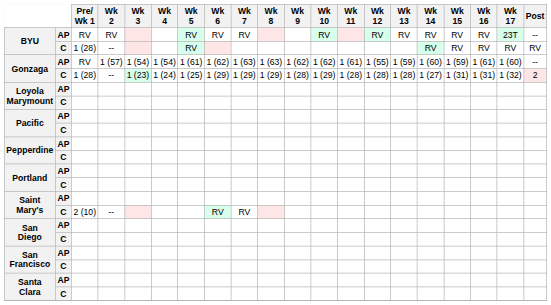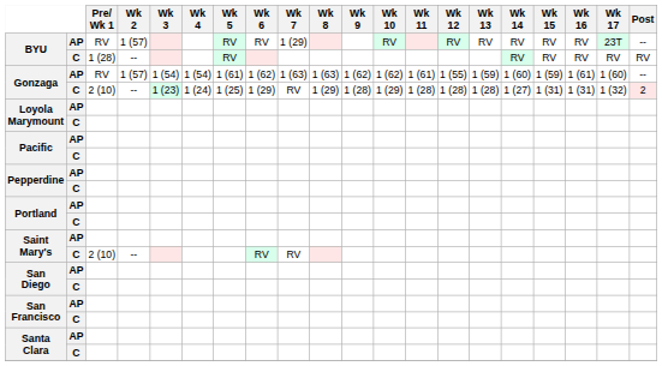 <table class="wikitable" style="white-space:nowrap;font-size:90%;text-align:center;">
 <tr>
 <th colspan="2" style="background:white; border-top-style:hidden; border-left-style:hidden;"> </th>
 <th>Pre/<br>Wk 1</th>
 <th>Wk<br>2</th>
 <th>Wk<br>3</th>
 <th>Wk<br>4</th>
 <th>Wk<br>5</th>
 <th>Wk<br>6</th>
 <th>Wk<br>7</th>
 <th>Wk<br>8</th>
 <th>Wk<br>9</th>
 <th>Wk<br>10</th>
 <th>Wk<br>11</th>
 <th>Wk<br>12</th>
 <th>Wk<br>13</th>
 <th>Wk<br>14</th>
 <th>Wk<br>15</th>
 <th>Wk<br>16</th>
 <th>Wk<br>17</th>
 <th>Post</th>
 </tr>
 <tr style="text-align:center;">
 <th rowspan="2">BYU</th>
 <th>AP</th>
 <td style="background:#FFF;">RV</td>
-<td style="background:#FFF;">RV</td>
+<td style="background:#FFF;">1 (57)</td>
 <td style="background:#ffe6e6;"></td>
 <td style="background:#FFF;"></td>
 <td style="background:#d8ffeb;">RV</td>
 <td style="background:#FFF;">RV</td>
-<td style="background:#FFF;">RV</td>
+<td style="background:#FFF;">1 (29)</td>
 <td style="background:#ffe6e6;"></td>
 <td style="background:#FFF;"></td>
 <td style="background:#d8ffeb;">RV</td>
 <td style="background:#ffe6e6;"></td>
 <td style="background:#d8ffeb;">RV</td>
 <td style="background:#FFF;">RV</td>
 <td style="background:#FFF;">RV</td>
 <td style="background:#FFF;">RV</td>
 <td style="background:#FFF;">RV</td>
 <td style="background:#d8ffeb;">23T</td>
 <td style="background:#FFF;">--</td>
 </tr>
 <tr style="text-align:center;">
 <th>C</th>
 <td style="background:#FFF;">1 (28)</td>
 <td style="background:#FFF;">--</td>
 <td style="background:#ffe6e6;"></td>
 <td style="background:#FFF;"></td>
 <td style="background:#d8ffeb;">RV</td>
 <td style="background:#ffe6e6;"></td>
 <td style="background:#FFF;"></td>
 <td style="background:#FFF;"></td>
 <td style="background:#FFF;"></td>
 <td style="background:#FFF;"></td>
 <td style="background:#FFF;"></td>
 <td style="background:#FFF;"></td>
 <td style="background:#FFF;"></td>
 <td style="background:#d8ffeb;">RV</td>
 <td style="background:#FFF;">RV</td>
 <td style="background:#FFF;">RV</td>
 <td style="background:#FFF;">RV</td>
 <td style="background:#FFF;">RV</td>
 </tr>
 <tr style="text-align:center;">
 <th rowspan="2">Gonzaga</th>
 <th>AP</th>
 <td style="background:#FFF;">RV</td>
 <td style="background:#FFF;">1 (57)</td>
 <td style="background:#FFF;">1 (54)</td>
 <td style="background:#FFF;">1 (54)</td>
 <td style="background:#FFF;">1 (61)</td>
 <td style="background:#FFF;">1 (62)</td>
 <td style="background:#FFF;">1 (63)</td>
 <td style="background:#FFF;">1 (63)</td>
 <td style="background:#FFF;">1 (62)</td>
 <td style="background:#FFF;">1 (62)</td>
 <td style="background:#FFF;">1 (61)</td>
 <td style="background:#FFF;">1 (55)</td>
 <td style="background:#FFF;">1 (59)</td>
 <td style="background:#FFF;">1 (60)</td>
 <td style="background:#FFF;">1 (59)</td>
 <td style="background:#FFF;">1 (61)</td>
 <td style="background:#FFF;">1 (60)</td>
 <td style="background:#FFF;">--</td>
 </tr>
 <tr style="text-align:center;">
 <th>C</th>
-<td style="background:#FFF;">1 (28)</td>
+<td style="background:#FFF;">2 (10)</td>
 <td style="background:#FFF;">--</td>
 <td style="background:#d8ffeb;">1 (23)</td>
 <td style="background:#FFF;">1 (24)</td>
 <td style="background:#FFF;">1 (25)</td>
 <td style="background:#FFF;">1 (29)</td>
-<td style="background:#FFF;">1 (29)</td>
+<td style="background:#FFF;">RV</td>
 <td style="background:#FFF;">1 (29)</td>
 <td style="background:#FFF;">1 (28)</td>
 <td style="background:#FFF;">1 (29)</td>
 <td style="background:#FFF;">1 (28)</td>
 <td style="background:#FFF;">1 (28)</td>
 <td style="background:#FFF;">1 (28)</td>
 <td style="background:#FFF;">1 (27)</td>
 <td style="background:#FFF;">1 (31)</td>
 <td style="background:#FFF;">1 (31)</td>
 <td style="background:#FFF;">1 (32)</td>
 <td style="background:#ffe6e6;">2</td>
 </tr>
 <tr style="text-align:center;">
 <th rowspan="2">Loyola<br>Marymount</th>
 <th>AP</th>
 <td style="background:#FFF;"></td>
 <td style="background:#FFF;"></td>
 <td style="background:#FFF;"></td>
 <td style="background:#FFF;"></td>
 <td style="background:#FFF;"></td>
 <td style="background:#FFF;"></td>
 <td style="background:#FFF;"></td>
 <td style="background:#FFF;"></td>
 <td style="background:#FFF;"></td>
 <td style="background:#FFF;"></td>
 <td style="background:#FFF;"></td>
 <td style="background:#FFF;"></td>
 <td style="background:#FFF;"></td>
 <td style="background:#FFF;"></td>
 <td style="background:#FFF;"></td>
 <td style="background:#FFF;"></td>
 <td style="background:#FFF;"></td>
 <td style="background:#FFF;"></td>
 </tr>
 <tr style="text-align:center;">
 <th>C</th>
 <td style="background:#FFF;"></td>
 <td style="background:#FFF;"></td>
 <td style="background:#FFF;"></td>
 <td style="background:#FFF;"></td>
 <td style="background:#FFF;"></td>
 <td style="background:#FFF;"></td>
 <td style="background:#FFF;"></td>
 <td style="background:#FFF;"></td>
 <td style="background:#FFF;"></td>
 <td style="background:#FFF;"></td>
 <td style="background:#FFF;"></td>
 <td style="background:#FFF;"></td>
 <td style="background:#FFF;"></td>
 <td style="background:#FFF;"></td>
 <td style="background:#FFF;"></td>
 <td style="background:#FFF;"></td>
 <td style="background:#FFF;"></td>
 <td style="background:#FFF;"></td>
 </tr>
 <tr style="text-align:center;">
 <th rowspan="2">Pacific</th>
 <th>AP</th>
 <td style="background:#FFF;"></td>
 <td style="background:#FFF;"></td>
 <td style="background:#FFF;"></td>
 <td style="background:#FFF;"></td>
 <td style="background:#FFF;"></td>
 <td style="background:#FFF;"></td>
 <td style="background:#FFF;"></td>
 <td style="background:#FFF;"></td>
 <td style="background:#FFF;"></td>
 <td style="background:#FFF;"></td>
 <td style="background:#FFF;"></td>
 <td style="background:#FFF;"></td>
 <td style="background:#FFF;"></td>
 <td style="background:#FFF;"></td>
 <td style="background:#FFF;"></td>
 <td style="background:#FFF;"></td>
 <td style="background:#FFF;"></td>
 <td style="background:#FFF;"></td>
 </tr>
 <tr style="text-align:center;">
 <th>C</th>
 <td style="background:#FFF;"></td>
 <td style="background:#FFF;"></td>
 <td style="background:#FFF;"></td>
 <td style="background:#FFF;"></td>
 <td style="background:#FFF;"></td>
 <td style="background:#FFF;"></td>
 <td style="background:#FFF;"></td>
 <td style="background:#FFF;"></td>
 <td style="background:#FFF;"></td>
 <td style="background:#FFF;"></td>
 <td style="background:#FFF;"></td>
 <td style="background:#FFF;"></td>
 <td style="background:#FFF;"></td>
 <td style="background:#FFF;"></td>
 <td style="background:#FFF;"></td>
 <td style="background:#FFF;"></td>
 <td style="background:#FFF;"></td>
 <td style="background:#FFF;"></td>
 </tr>
 <tr style="text-align:center;">
 <th rowspan="2">Pepperdine</th>
 <th>AP</th>
 <td style="background:#FFF;"></td>
 <td style="background:#FFF;"></td>
 <td style="background:#FFF;"></td>
 <td style="background:#FFF;"></td>
 <td style="background:#FFF;"></td>
 <td style="background:#FFF;"></td>
 <td style="background:#FFF;"></td>
 <td style="background:#FFF;"></td>
 <td style="background:#FFF;"></td>
 <td style="background:#FFF;"></td>
 <td style="background:#FFF;"></td>
 <td style="background:#FFF;"></td>
 <td style="background:#FFF;"></td>
 <td style="background:#FFF;"></td>
 <td style="background:#FFF;"></td>
 <td style="background:#FFF;"></td>
 <td style="background:#FFF;"></td>
 <td style="background:#FFF;"></td>
 </tr>
 <tr style="text-align:center;">
 <th>C</th>
 <td style="background:#FFF;"></td>
 <td style="background:#FFF;"></td>
 <td style="background:#FFF;"></td>
 <td style="background:#FFF;"></td>
 <td style="background:#FFF;"></td>
 <td style="background:#FFF;"></td>
 <td style="background:#FFF;"></td>
 <td style="background:#FFF;"></td>
 <td style="background:#FFF;"></td>
 <td style="background:#FFF;"></td>
 <td style="background:#FFF;"></td>
 <td style="background:#FFF;"></td>
 <td style="background:#FFF;"></td>
 <td style="background:#FFF;"></td>
 <td style="background:#FFF;"></td>
 <td style="background:#FFF;"></td>
 <td style="background:#FFF;"></td>
 <td style="background:#FFF;"></td>
 </tr>
 <tr style="text-align:center;">
 <th rowspan="2">Portland</th>
 <th>AP</th>
 <td style="background:#FFF;"></td>
 <td style="background:#FFF;"></td>
 <td style="background:#FFF;"></td>
 <td style="background:#FFF;"></td>
 <td style="background:#FFF;"></td>
 <td style="background:#FFF;"></td>
 <td style="background:#FFF;"></td>
 <td style="background:#FFF;"></td>
 <td style="background:#FFF;"></td>
 <td style="background:#FFF;"></td>
 <td style="background:#FFF;"></td>
 <td style="background:#FFF;"></td>
 <td style="background:#FFF;"></td>
 <td style="background:#FFF;"></td>
 <td style="background:#FFF;"></td>
 <td style="background:#FFF;"></td>
 <td style="background:#FFF;"></td>
 <td style="background:#FFF;"></td>
 </tr>
 <tr style="text-align:center;">
 <th>C</th>
 <td style="background:#FFF;"></td>
 <td style="background:#FFF;"></td>
 <td style="background:#FFF;"></td>
 <td style="background:#FFF;"></td>
 <td style="background:#FFF;"></td>
 <td style="background:#FFF;"></td>
 <td style="background:#FFF;"></td>
 <td style="background:#FFF;"></td>
 <td style="background:#FFF;"></td>
 <td style="background:#FFF;"></td>
 <td style="background:#FFF;"></td>
 <td style="background:#FFF;"></td>
 <td style="background:#FFF;"></td>
 <td style="background:#FFF;"></td>
 <td style="background:#FFF;"></td>
 <td style="background:#FFF;"></td>
 <td style="background:#FFF;"></td>
 <td style="background:#FFF;"></td>
 </tr>
 <tr style="text-align:center;">
 <th rowspan="2">Saint<br>Mary's</th>
 <th>AP</th>
 <td style="background:#FFF;"></td>
 <td style="background:#FFF;"></td>
 <td style="background:#FFF;"></td>
 <td style="background:#FFF;"></td>
 <td style="background:#FFF;"></td>
 <td style="background:#FFF;"></td>
 <td style="background:#FFF;"></td>
 <td style="background:#FFF;"></td>
 <td style="background:#FFF;"></td>
 <td style="background:#FFF;"></td>
 <td style="background:#FFF;"></td>
 <td style="background:#FFF;"></td>
 <td style="background:#FFF;"></td>
 <td style="background:#FFF;"></td>
 <td style="background:#FFF;"></td>
 <td style="background:#FFF;"></td>
 <td style="background:#FFF;"></td>
 <td style="background:#FFF;"></td>
 </tr>
 <tr style="text-align:center;">
 <th>C</th>
 <td style="background:#FFF;">2 (10)</td>
 <td style="background:#FFF;">--</td>
 <td style="background:#ffe6e6;"></td>
 <td style="background:#FFF;"></td>
 <td style="background:#FFF;"></td>
 <td style="background:#d8ffeb;">RV</td>
 <td style="background:#FFF;">RV</td>
 <td style="background:#ffe6e6;"></td>
 <td style="background:#FFF;"></td>
 <td style="background:#FFF;"></td>
 <td style="background:#FFF;"></td>
 <td style="background:#FFF;"></td>
 <td style="background:#FFF;"></td>
 <td style="background:#FFF;"></td>
 <td style="background:#FFF;"></td>
 <td style="background:#FFF;"></td>
 <td style="background:#FFF;"></td>
 <td style="background:#FFF;"></td>
 </tr>
 <tr style="text-align:center;">
 <th rowspan="2">San<br>Diego</th>
 <th>AP</th>
 <td style="background:#FFF;"></td>
 <td style="background:#FFF;"></td>
 <td style="background:#FFF;"></td>
 <td style="background:#FFF;"></td>
 <td style="background:#FFF;"></td>
 <td style="background:#FFF;"></td>
 <td style="background:#FFF;"></td>
 <td style="background:#FFF;"></td>
 <td style="background:#FFF;"></td>
 <td style="background:#FFF;"></td>
 <td style="background:#FFF;"></td>
 <td style="background:#FFF;"></td>
 <td style="background:#FFF;"></td>
 <td style="background:#FFF;"></td>
 <td style="background:#FFF;"></td>
 <td style="background:#FFF;"></td>
 <td style="background:#FFF;"></td>
 <td style="background:#FFF;"></td>
 </tr>
 <tr style="text-align:center;">
 <th>C</th>
 <td style="background:#FFF;"></td>
 <td style="background:#FFF;"></td>
 <td style="background:#FFF;"></td>
 <td style="background:#FFF;"></td>
 <td style="background:#FFF;"></td>
 <td style="background:#FFF;"></td>
 <td style="background:#FFF;"></td>
 <td style="background:#FFF;"></td>
 <td style="background:#FFF;"></td>
 <td style="background:#FFF;"></td>
 <td style="background:#FFF;"></td>
 <td style="background:#FFF;"></td>
 <td style="background:#FFF;"></td>
 <td style="background:#FFF;"></td>
 <td style="background:#FFF;"></td>
 <td style="background:#FFF;"></td>
 <td style="background:#FFF;"></td>
 <td style="background:#FFF;"></td>
 </tr>
 <tr style="text-align:center;">
 <th rowspan="2">San<br>Francisco</th>
 <th>AP</th>
 <td style="background:#FFF;"></td>
 <td style="background:#FFF;"></td>
 <td style="background:#FFF;"></td>
 <td style="background:#FFF;"></td>
 <td style="background:#FFF;"></td>
 <td style="background:#FFF;"></td>
 <td style="background:#FFF;"></td>
 <td style="background:#FFF;"></td>
 <td style="background:#FFF;"></td>
 <td style="background:#FFF;"></td>
 <td style="background:#FFF;"></td>
 <td style="background:#FFF;"></td>
 <td style="background:#FFF;"></td>
 <td style="background:#FFF;"></td>
 <td style="background:#FFF;"></td>
 <td style="background:#FFF;"></td>
 <td style="background:#FFF;"></td>
 <td style="background:#FFF;"></td>
 </tr>
 <tr style="text-align:center;">
 <th>C</th>
 <td style="background:#FFF;"></td>
 <td style="background:#FFF;"></td>
 <td style="background:#FFF;"></td>
 <td style="background:#FFF;"></td>
 <td style="background:#FFF;"></td>
 <td style="background:#FFF;"></td>
 <td style="background:#FFF;"></td>
 <td style="background:#FFF;"></td>
 <td style="background:#FFF;"></td>
 <td style="background:#FFF;"></td>
 <td style="background:#FFF;"></td>
 <td style="background:#FFF;"></td>
 <td style="background:#FFF;"></td>
 <td style="background:#FFF;"></td>
 <td style="background:#FFF;"></td>
 <td style="background:#FFF;"></td>
 <td style="background:#FFF;"></td>
 <td style="background:#FFF;"></td>
 </tr>
 <tr style="text-align:center;">
 <th rowspan="2">Santa<br>Clara</th>
 <th>AP</th>
 <td style="background:#FFF;"></td>
 <td style="background:#FFF;"></td>
 <td style="background:#FFF;"></td>
 <td style="background:#FFF;"></td>
 <td style="background:#FFF;"></td>
 <td style="background:#FFF;"></td>
 <td style="background:#FFF;"></td>
 <td style="background:#FFF;"></td>
 <td style="background:#FFF;"></td>
 <td style="background:#FFF;"></td>
 <td style="background:#FFF;"></td>
 <td style="background:#FFF;"></td>
 <td style="background:#FFF;"></td>
 <td style="background:#FFF;"></td>
 <td style="background:#FFF;"></td>
 <td style="background:#FFF;"></td>
 <td style="background:#FFF;"></td>
 <td style="background:#FFF;"></td>
 </tr>
 <tr style="text-align:center;">
 <th>C</th>
 <td style="background:#FFF;"></td>
 <td style="background:#FFF;"></td>
 <td style="background:#FFF;"></td>
 <td style="background:#FFF;"></td>
 <td style="background:#FFF;"></td>
 <td style="background:#FFF;"></td>
 <td style="background:#FFF;"></td>
 <td style="background:#FFF;"></td>
 <td style="background:#FFF;"></td>
 <td style="background:#FFF;"></td>
 <td style="background:#FFF;"></td>
 <td style="background:#FFF;"></td>
 <td style="background:#FFF;"></td>
 <td style="background:#FFF;"></td>
 <td style="background:#FFF;"></td>
 <td style="background:#FFF;"></td>
 <td style="background:#FFF;"></td>
 <td style="background:#FFF;"></td>
 </tr>
 <tr>
 </tr>
 </table>
